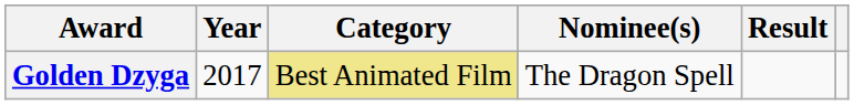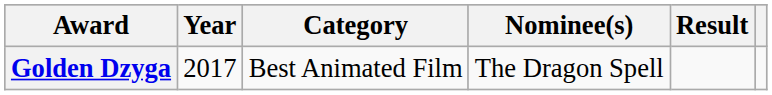 <table class="wikitable plainrowheaders" style="text-align:left;">
 <tr>
 <th scope="col">Award</th>
 <th scope="col">Year</th>
 <th scope="col">Category</th>
 <th scope="col">Nominee(s)</th>
 <th scope="col">Result</th>
 <th scope="col"></th>
 </tr>
 <tr>
 <th scope="row"><a href='#'>Golden Dzyga</a></th>
 <td align="center" rowspan="3">2017</td>
-<td style="background: khaki;">Best Animated Film</td>
+<td>Best Animated Film</td>
 <td rowspan="6">The Dragon Spell</td>
 <td></td>
 <td align="center"></td>
 </tr>
 </table>
